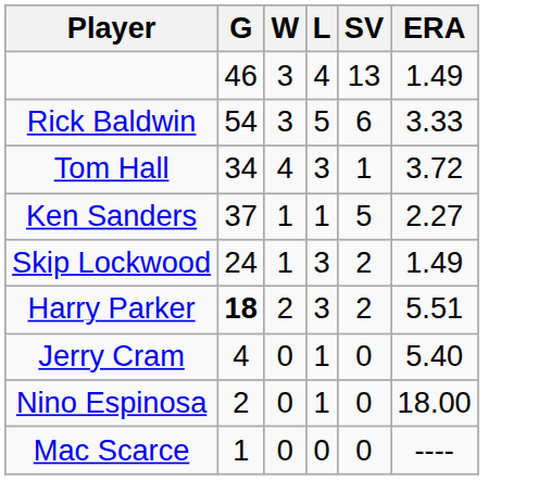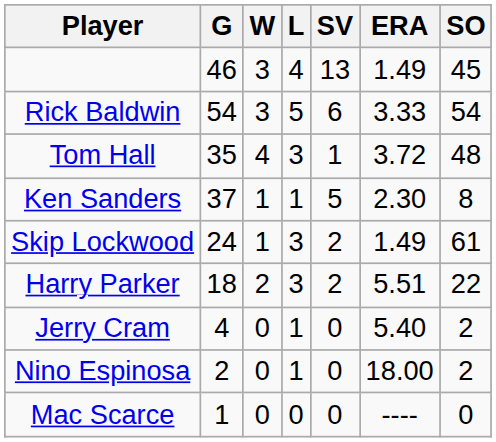 <table class="wikitable sortable">
 <tr>
 <th>Player</th>
 <th>G</th>
 <th>W</th>
 <th>L</th>
 <th>SV</th>
 <th>ERA</th>
+<th>SO</th>
 </tr>
 <tr align="center">
 <td></td>
 <td>46</td>
 <td>3</td>
 <td>4</td>
 <td>13</td>
 <td>1.49</td>
+<td>45</td>
 </tr>
 <tr align=center>
 <td><a href='#'>Rick Baldwin</a></td>
 <td>54</td>
 <td>3</td>
 <td>5</td>
 <td>6</td>
 <td>3.33</td>
+<td>54</td>
 </tr>
 <tr align="center">
 <td><a href='#'>Tom Hall</a></td>
-<td>34</td>
+<td>35</td>
 <td>4</td>
 <td>3</td>
 <td>1</td>
 <td>3.72</td>
+<td>48</td>
 </tr>
 <tr align="center">
 <td><a href='#'>Ken Sanders</a></td>
 <td>37</td>
 <td>1</td>
 <td>1</td>
 <td>5</td>
-<td>2.27</td>
+<td>2.30</td>
+<td>8</td>
 </tr>
 <tr align="center">
 <td><a href='#'>Skip Lockwood</a></td>
 <td>24</td>
 <td>1</td>
 <td>3</td>
 <td>2</td>
 <td>1.49</td>
+<td>61</td>
 </tr>
 <tr align="center">
 <td><a href='#'>Harry Parker</a></td>
-<td><strong>18</strong></td>
+<td>18</td>
 <td>2</td>
 <td>3</td>
 <td>2</td>
 <td>5.51</td>
+<td>22</td>
 </tr>
 <tr align="center">
 <td><a href='#'>Jerry Cram</a></td>
 <td>4</td>
 <td>0</td>
 <td>1</td>
 <td>0</td>
 <td>5.40</td>
+<td>2</td>
 </tr>
 <tr align="center">
 <td><a href='#'>Nino Espinosa</a></td>
 <td>2</td>
 <td>0</td>
 <td>1</td>
 <td>0</td>
 <td>18.00</td>
+<td>2</td>
 </tr>
 <tr align="center">
 <td><a href='#'>Mac Scarce</a></td>
 <td>1</td>
 <td>0</td>
 <td>0</td>
 <td>0</td>
 <td>----</td>
+<td>0</td>
 </tr>
 </table>
